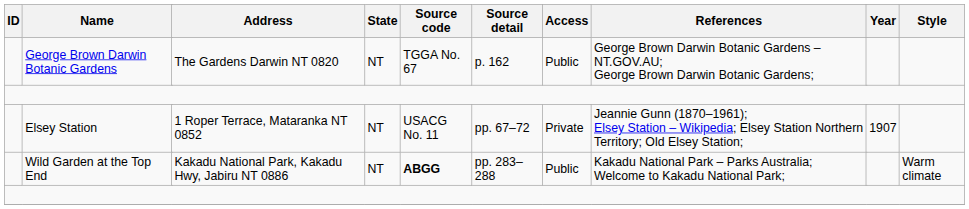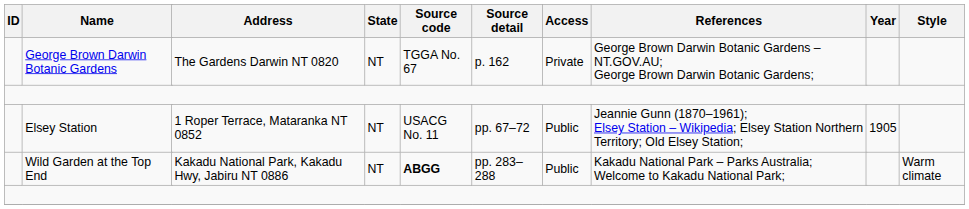 <table class="wikitable">
 <tr>
 <th colspan="1">ID</th>
 <th colspan="2">Name</th>
 <th colspan="3">Address</th>
 <th colspan="1">State</th>
 <th colspan="1">Source code</th>
 <th colspan="2">Source detail</th>
 <th colspan="1">Access</th>
 <th colspan="5">References</th>
 <th colspan="1">Year</th>
 <th colspan="2">Style</th>
 </tr>
 <tr>
 <td colspan="1"><br></td>
 <td colspan="2"><a href='#'>George Brown Darwin Botanic Gardens</a></td>
 <td colspan="3">The Gardens Darwin NT 0820</td>
 <td colspan="1">NT</td>
 <td colspan="1">TGGA No. 67</td>
 <td colspan="2">p. 162</td>
-<td colspan="1">Public</td>
+<td colspan="1">Private</td>
 <td colspan="5">George Brown Darwin Botanic Gardens – NT.GOV.AU;<br>George Brown Darwin Botanic Gardens;</td>
 <td colspan="1"></td>
 <td colspan="2"></td>
 </tr>
 <tr>
 <td colspan="19"><br></td>
 </tr>
 <tr>
 <td colspan="1"><br></td>
 <td colspan="2">Elsey Station</td>
 <td colspan="3">1 Roper Terrace, Mataranka NT 0852</td>
 <td colspan="1">NT</td>
 <td colspan="1">USACG No. 11</td>
 <td colspan="2">pp. 67–72</td>
-<td colspan="1">Private</td>
+<td colspan="1">Public</td>
 <td colspan="5">Jeannie Gunn (1870–1961);<br><a href='#'>Elsey Station – Wikipedia</a>;  Elsey Station Northern Territory;  Old Elsey Station;  </td>
-<td colspan="1">1907</td>
+<td colspan="1">1905</td>
 <td colspan="2"></td>
 </tr>
 <tr>
 <td colspan="1"><br></td>
 <td colspan="2">Wild Garden at the Top End</td>
 <td colspan="3">Kakadu National Park, Kakadu Hwy, Jabiru NT 0886</td>
 <td colspan="1">NT</td>
 <td colspan="1"><strong>ABGG</strong></td>
 <td colspan="2">pp. 283–288</td>
 <td colspan="1">Public</td>
 <td colspan="5">Kakadu National Park – Parks Australia;<br>Welcome to Kakadu National Park;</td>
 <td colspan="1"></td>
 <td colspan="2">Warm climate</td>
 </tr>
 <tr>
 <td colspan="19"><br></td>
 </tr>
 <tr>
 </tr>
 </table>
